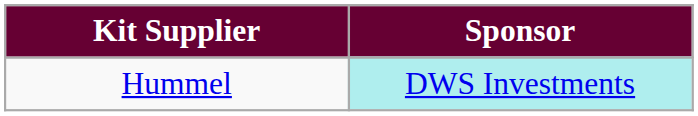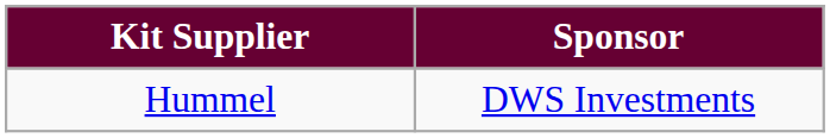 <table class="wikitable"  style="text-align:center; font-size:90%; ">
 <tr>
 <th style="background:#660033;color:#FFFFFF; width:150px;">Kit Supplier</th>
 <th style="background:#660033;color:#FFFFFF; width:150px;">Sponsor</th>
 </tr>
 <tr>
 <td><a href='#'>Hummel</a></td>
-<td style="background: paleturquoise;"><a href='#'>DWS Investments</a></td>
+<td><a href='#'>DWS Investments</a></td>
 </tr>
 </table>
